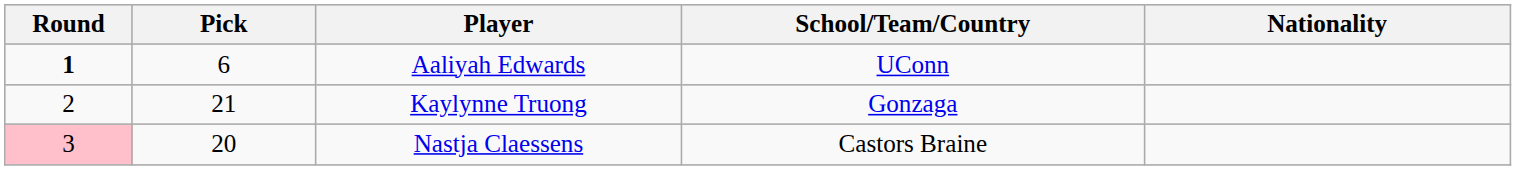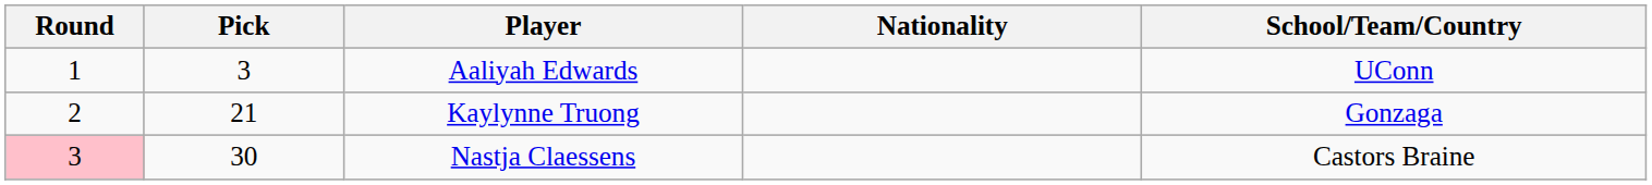 <table class="wikitable" style="text-align:center; width:60em">
 <tr>
 <th width="2%">Round</th>
 <th width="5%">Pick</th>
 <th width="10%">Player</th>
+<th width="10%">Nationality</th>
 <th width="10%">School/Team/Country</th>
-<th width="10%">Nationality</th>
 </tr>
 <tr>
-<td><strong>1</strong></td>
-<td>6</td>
+<td>1</td>
+<td>3</td>
 <td><a href='#'>Aaliyah Edwards</a></td>
+<td></td>
 <td><a href='#'>UConn</a></td>
-<td></td>
 </tr>
 <tr>
 <td>2</td>
 <td>21</td>
 <td><a href='#'>Kaylynne Truong</a></td>
+<td></td>
 <td><a href='#'>Gonzaga</a></td>
-<td></td>
 </tr>
 <tr>
 <td style="background: pink;">3</td>
-<td>20</td>
+<td>30</td>
 <td><a href='#'>Nastja Claessens</a></td>
+<td></td>
 <td>Castors Braine </td>
-<td></td>
 </tr>
 </table>
